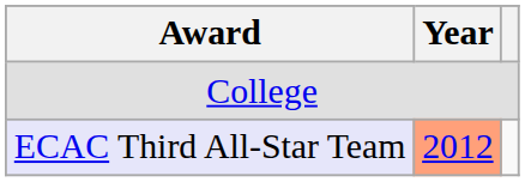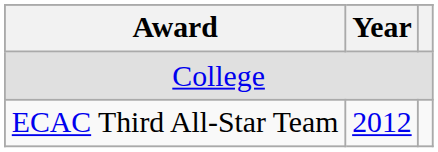 <table class="wikitable">
 <tr>
 <th>Award</th>
 <th>Year</th>
 <th></th>
 </tr>
 <tr ALIGN="center" bgcolor="#e0e0e0">
 <td colspan="3"><a href='#'>College</a></td>
 </tr>
 <tr>
-<td style="background: lavender;"><a href='#'>ECAC</a> Third All-Star Team</td>
-<td style="background: lightsalmon;"><a href='#'>2012</a></td>
+<td><a href='#'>ECAC</a> Third All-Star Team</td>
+<td><a href='#'>2012</a></td>
 <td></td>
 </tr>
 </table>
